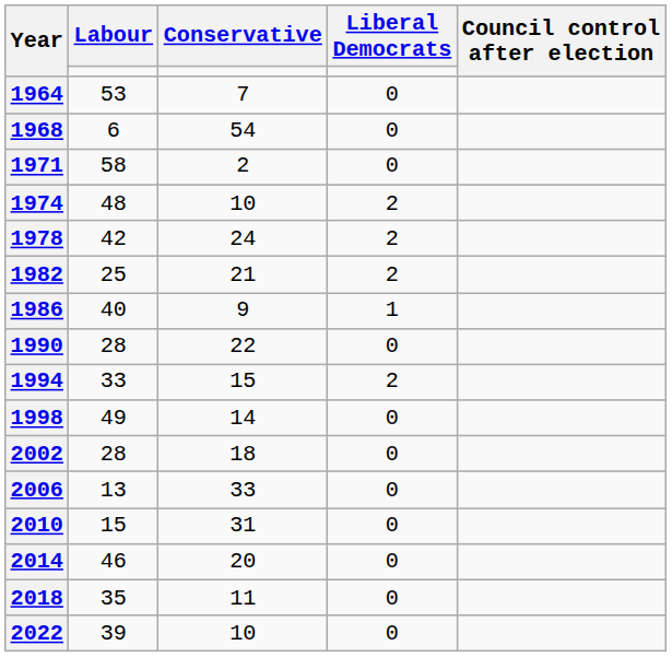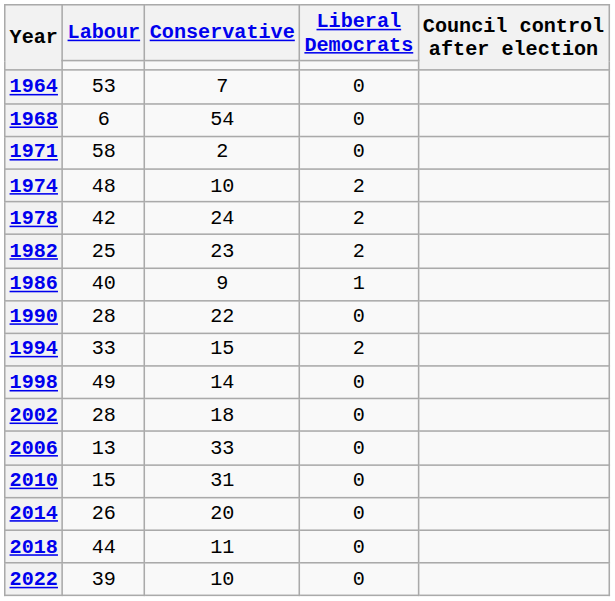 <table class="wikitable plainrowheaders" style="text-align:center">
 <tr>
 <th scope="col" rowspan="2">Year</th>
 <th scope="col"><a href='#'>Labour</a></th>
 <th scope="col"><a href='#'>Conservative</a></th>
 <th scope="col" style="width:1px"><a href='#'>Liberal Democrats</a></th>
 <th scope="col" rowspan="2" colspan="2">Council control<br>after election</th>
 </tr>
 <tr>
 <td style="background:"></td>
 <td style="background:"></td>
 <td style="background:"></td>
 </tr>
 <tr>
 <th scope="row"><a href='#'>1964</a></th>
 <td>53</td>
 <td>7</td>
 <td>0</td>
 <td></td>
 </tr>
 <tr>
 <th scope="row"><a href='#'>1968</a></th>
 <td>6</td>
 <td>54</td>
 <td>0</td>
 <td></td>
 </tr>
 <tr>
 <th scope="row"><a href='#'>1971</a></th>
 <td>58</td>
 <td>2</td>
 <td>0</td>
 <td></td>
 </tr>
 <tr>
 <th scope="row"><a href='#'>1974</a></th>
 <td>48</td>
 <td>10</td>
 <td>2</td>
 <td></td>
 </tr>
 <tr>
 <th scope="row"><a href='#'>1978</a></th>
 <td>42</td>
 <td>24</td>
 <td>2</td>
 <td></td>
 </tr>
 <tr>
 <th scope="row"><a href='#'>1982</a></th>
 <td>25</td>
-<td>21</td>
+<td>23</td>
 <td>2</td>
 <td></td>
 </tr>
 <tr>
 <th scope="row"><a href='#'>1986</a></th>
 <td>40</td>
 <td>9</td>
 <td>1</td>
 <td></td>
 </tr>
 <tr>
 <th scope="row"><a href='#'>1990</a></th>
 <td>28</td>
 <td>22</td>
 <td>0</td>
 <td></td>
 </tr>
 <tr>
 <th scope="row"><a href='#'>1994</a></th>
 <td>33</td>
 <td>15</td>
 <td>2</td>
 <td></td>
 </tr>
 <tr>
 <th scope="row"><a href='#'>1998</a></th>
 <td>49</td>
 <td>14</td>
 <td>0</td>
 <td></td>
 </tr>
 <tr>
 <th scope="row"><a href='#'>2002</a></th>
 <td>28</td>
 <td>18</td>
 <td>0</td>
 <td></td>
 </tr>
 <tr>
 <th scope="row"><a href='#'>2006</a></th>
 <td>13</td>
 <td>33</td>
 <td>0</td>
 <td></td>
 </tr>
 <tr>
 <th scope="row"><a href='#'>2010</a></th>
 <td>15</td>
 <td>31</td>
 <td>0</td>
 <td></td>
 </tr>
 <tr>
 <th scope="row"><a href='#'>2014</a></th>
-<td>46</td>
+<td>26</td>
 <td>20</td>
 <td>0</td>
 <td></td>
 </tr>
 <tr>
 <th scope="row"><a href='#'>2018</a></th>
-<td>35</td>
+<td>44</td>
 <td>11</td>
 <td>0</td>
 <td></td>
 </tr>
 <tr>
 <th scope="row"><a href='#'>2022</a></th>
 <td>39</td>
 <td>10</td>
 <td>0</td>
 <td></td>
 </tr>
 </table>
